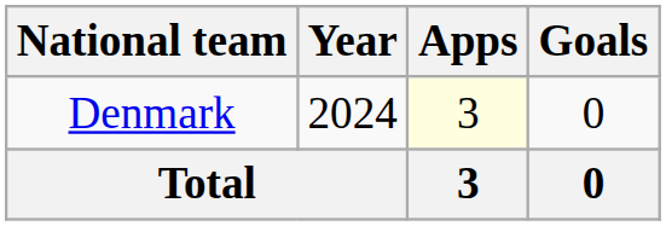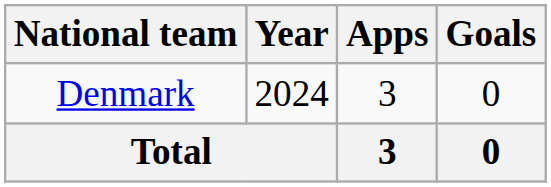 <table class="wikitable" style="text-align:center">
 <tr>
 <th>National team</th>
 <th>Year</th>
 <th>Apps</th>
 <th>Goals</th>
 </tr>
 <tr>
 <td rowspan="1"><a href='#'>Denmark</a></td>
 <td>2024</td>
-<td style="background: lightyellow;">3</td>
+<td>3</td>
 <td>0</td>
 </tr>
 <tr>
 <th colspan="2">Total</th>
 <th>3</th>
 <th>0</th>
 </tr>
 </table>
